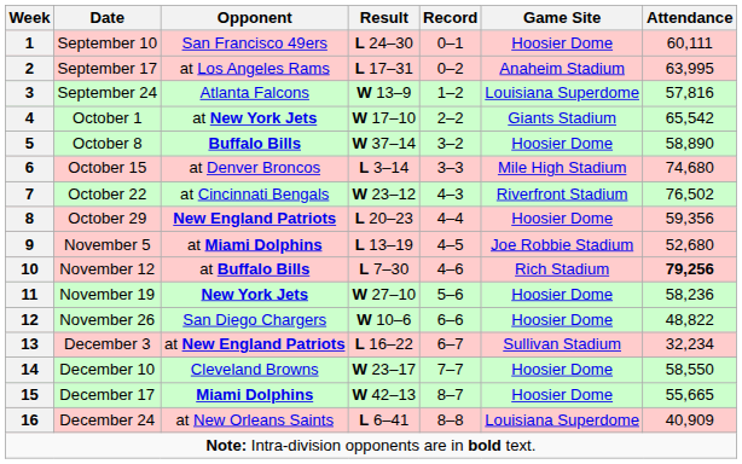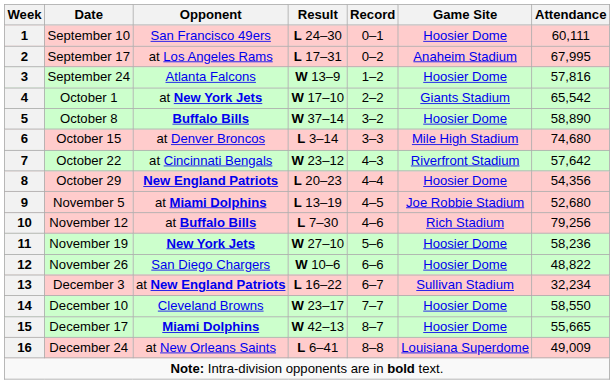 <table class="wikitable" style="text-align:center">
 <tr>
 <th>Week</th>
 <th>Date</th>
 <th>Opponent</th>
 <th>Result</th>
 <th>Record</th>
 <th>Game Site</th>
 <th>Attendance</th>
 </tr>
 <tr style="background:#fcc">
 <th>1</th>
 <td>September 10</td>
 <td><a href='#'>San Francisco 49ers</a></td>
 <td><strong>L</strong> 24–30</td>
 <td>0–1</td>
 <td><a href='#'>Hoosier Dome</a></td>
 <td>60,111</td>
 </tr>
 <tr style="background:#fcc">
 <th>2</th>
 <td>September 17</td>
 <td>at <a href='#'>Los Angeles Rams</a></td>
 <td><strong>L</strong> 17–31</td>
 <td>0–2</td>
 <td><a href='#'>Anaheim Stadium</a></td>
-<td>63,995</td>
+<td>67,995</td>
 </tr>
 <tr style="background:#cfc">
 <th>3</th>
 <td>September 24</td>
 <td><a href='#'>Atlanta Falcons</a></td>
 <td><strong>W</strong> 13–9</td>
 <td>1–2</td>
-<td><a href='#'>Louisiana Superdome</a></td>
+<td><a href='#'>Hoosier Dome</a></td>
 <td>57,816</td>
 </tr>
 <tr style="background:#cfc">
 <th>4</th>
 <td>October 1</td>
 <td>at <strong><a href='#'>New York Jets</a></strong></td>
 <td><strong>W</strong> 17–10</td>
 <td>2–2</td>
 <td><a href='#'>Giants Stadium</a></td>
 <td>65,542</td>
 </tr>
 <tr style="background:#cfc">
 <th>5</th>
 <td>October 8</td>
 <td><strong><a href='#'>Buffalo Bills</a></strong></td>
 <td><strong>W</strong> 37–14</td>
 <td>3–2</td>
 <td><a href='#'>Hoosier Dome</a></td>
 <td>58,890</td>
 </tr>
 <tr style="background:#fcc">
 <th>6</th>
 <td>October 15</td>
 <td>at <a href='#'>Denver Broncos</a></td>
 <td><strong>L</strong> 3–14</td>
 <td>3–3</td>
 <td><a href='#'>Mile High Stadium</a></td>
 <td>74,680</td>
 </tr>
 <tr style="background:#cfc">
 <th>7</th>
 <td>October 22</td>
 <td>at <a href='#'>Cincinnati Bengals</a></td>
 <td><strong>W</strong> 23–12</td>
 <td>4–3</td>
 <td><a href='#'>Riverfront Stadium</a></td>
-<td>76,502</td>
+<td>57,642</td>
 </tr>
 <tr style="background:#fcc">
 <th>8</th>
 <td>October 29</td>
 <td><strong><a href='#'>New England Patriots</a></strong></td>
 <td><strong>L</strong> 20–23 </td>
 <td>4–4</td>
 <td><a href='#'>Hoosier Dome</a></td>
-<td>59,356</td>
+<td>54,356</td>
 </tr>
 <tr style="background:#fcc">
 <th>9</th>
 <td>November 5</td>
 <td>at <strong><a href='#'>Miami Dolphins</a></strong></td>
 <td><strong>L</strong> 13–19</td>
 <td>4–5</td>
 <td><a href='#'>Joe Robbie Stadium</a></td>
 <td>52,680</td>
 </tr>
 <tr style="background:#fcc">
 <th>10</th>
 <td>November 12</td>
 <td>at <strong><a href='#'>Buffalo Bills</a></strong></td>
 <td><strong>L</strong> 7–30</td>
 <td>4–6</td>
 <td><a href='#'>Rich Stadium</a></td>
-<td><strong>79,256</strong></td>
+<td>79,256</td>
 </tr>
 <tr style="background:#cfc">
 <th>11</th>
 <td>November 19</td>
 <td><strong><a href='#'>New York Jets</a></strong></td>
 <td><strong>W</strong> 27–10</td>
 <td>5–6</td>
 <td><a href='#'>Hoosier Dome</a></td>
 <td>58,236</td>
 </tr>
 <tr style="background:#cfc">
 <th>12</th>
 <td>November 26</td>
 <td><a href='#'>San Diego Chargers</a></td>
 <td><strong>W</strong> 10–6</td>
 <td>6–6</td>
 <td><a href='#'>Hoosier Dome</a></td>
 <td>48,822</td>
 </tr>
 <tr style="background:#fcc">
 <th>13</th>
 <td>December 3</td>
 <td>at <strong><a href='#'>New England Patriots</a></strong></td>
 <td><strong>L</strong> 16–22</td>
 <td>6–7</td>
 <td><a href='#'>Sullivan Stadium</a></td>
 <td>32,234</td>
 </tr>
 <tr style="background:#cfc">
 <th>14</th>
 <td>December 10</td>
 <td><a href='#'>Cleveland Browns</a></td>
 <td><strong>W</strong> 23–17 </td>
 <td>7–7</td>
 <td><a href='#'>Hoosier Dome</a></td>
 <td>58,550</td>
 </tr>
 <tr style="background:#cfc">
 <th>15</th>
 <td>December 17</td>
 <td><strong><a href='#'>Miami Dolphins</a></strong></td>
 <td><strong>W</strong> 42–13</td>
 <td>8–7</td>
 <td><a href='#'>Hoosier Dome</a></td>
 <td>55,665</td>
 </tr>
 <tr style="background:#fcc">
 <th>16</th>
 <td>December 24</td>
 <td>at <a href='#'>New Orleans Saints</a></td>
 <td><strong>L</strong> 6–41</td>
 <td>8–8</td>
 <td><a href='#'>Louisiana Superdome</a></td>
-<td>40,909</td>
+<td>49,009</td>
 </tr>
 <tr>
 <td colspan="8"><strong>Note:</strong> Intra-division opponents are in <strong>bold</strong> text.</td>
 </tr>
 </table>
